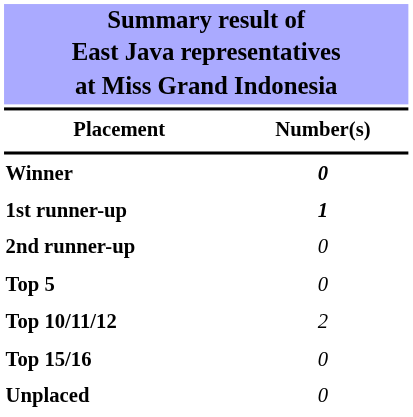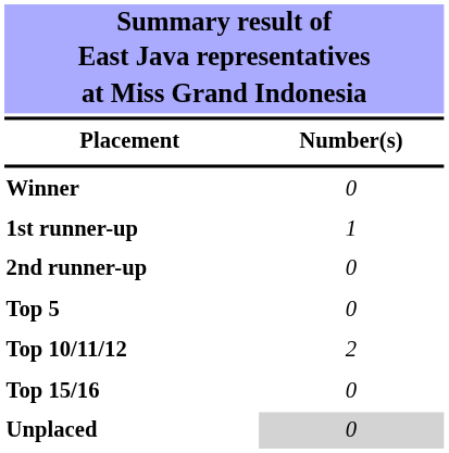 <table style="width: 270px; font-size:85%; line-height:1.5em;">
 <tr>
 <th colspan="2" align="center" style="background:#AAF;"><big>Summary result of<br>East Java representatives<br>at Miss Grand Indonesia</big></th>
 </tr>
 <tr>
 <td colspan="2" style="background:black"></td>
 </tr>
 <tr>
 <th scope="col">Placement</th>
 <th scope="col">Number(s)</th>
 </tr>
 <tr>
 <td colspan="2" style="background:black"></td>
 </tr>
 <tr>
 <td align="left"><strong>Winner</strong></td>
-<td align="center"><strong><em>0</em></strong></td>
+<td align="center"><em>0</em></td>
 </tr>
 <tr>
 <td align="left"><strong>1st runner-up</strong></td>
-<td align="center"><strong><em>1</em></strong></td>
+<td align="center"><em>1</em></td>
 </tr>
 <tr>
 <td align="left"><strong>2nd runner-up</strong></td>
 <td align="center"><em>0</em></td>
 </tr>
 <tr>
 <td align="left"><strong>Top 5</strong></td>
 <td align="center"><em>0</em></td>
 </tr>
 <tr>
 <td align="left"><strong>Top 10/11/12</strong></td>
 <td align="center"><em>2</em></td>
 </tr>
 <tr>
 <td align="left"><strong>Top 15/16</strong></td>
 <td align="center"><em>0</em></td>
 </tr>
 <tr>
 <td align="left"><strong>Unplaced</strong></td>
-<td align="center"><em>0</em></td>
+<td align="center" style="background: lightgrey;"><em>0</em></td>
 </tr>
 </table>
